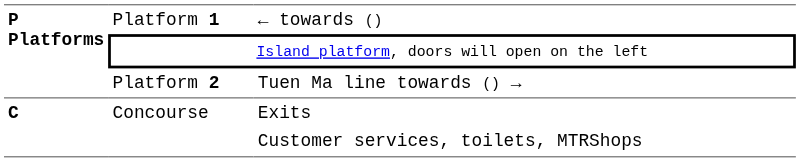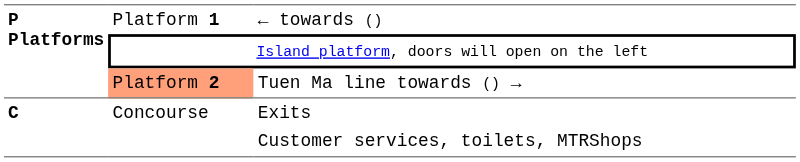 <table border=0 cellspacing=0 cellpadding=3>
 <tr>
 <td style="border-top:solid 1px gray;border-bottom:solid 1px gray;width:50px;vertical-align:top;" rowspan=3><strong>P<br>Platforms</strong></td>
 <td style="border-top:solid 1px gray;width:100px;">Platform <span><strong>1</strong></span></td>
 <td style="border-top:solid 1px gray;width:390px;">←  towards  <small>()</small></td>
 </tr>
 <tr>
 <td style="border-top:solid 2px black;border-right:solid 2px black;border-left:solid 2px black;border-bottom:solid 2px black;text-align:center;" colspan=2><small><a href='#'>Island platform</a>, doors will open on the left</small></td>
 </tr>
 <tr>
-<td style="border-bottom:solid 1px gray;">Platform <span><strong>2</strong></span></td>
+<td style="background: lightsalmon; border-bottom:solid 1px gray;">Platform <span><strong>2</strong></span></td>
 <td style="border-bottom:solid 1px gray;">  Tuen Ma line towards  <small>()</small> →</td>
 </tr>
 <tr>
 <td style="border-bottom:solid 1px gray;vertical-align:top;" rowspan=2><strong>C</strong></td>
 <td style="border-bottom:solid 1px gray;vertical-align:top;" rowspan=2>Concourse</td>
 <td>Exits</td>
 </tr>
 <tr>
 <td style="border-bottom:solid 1px gray;">Customer services, toilets, MTRShops</td>
 </tr>
 </table>
